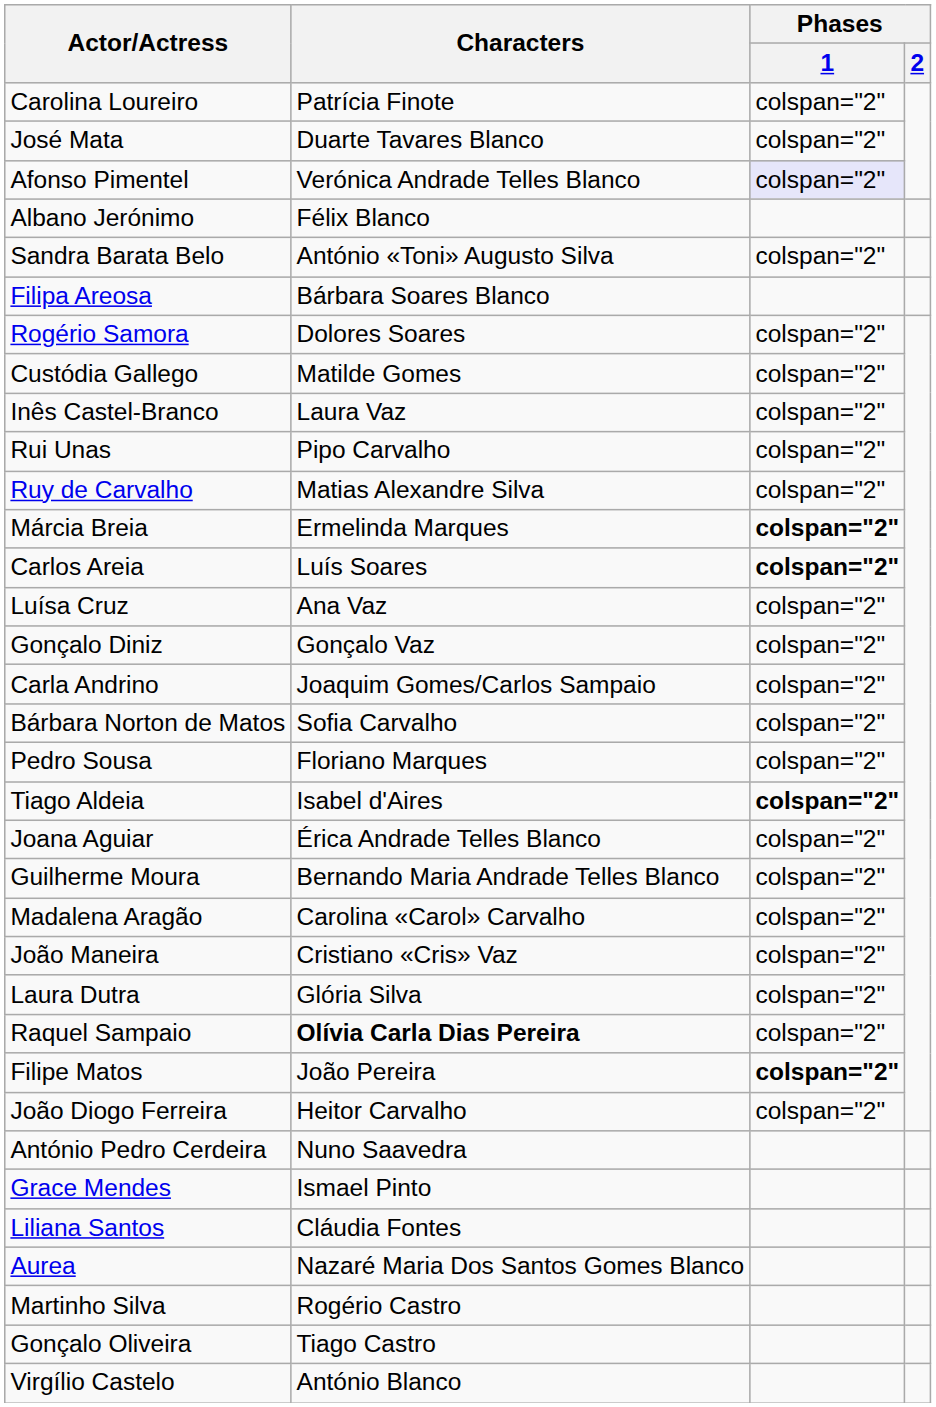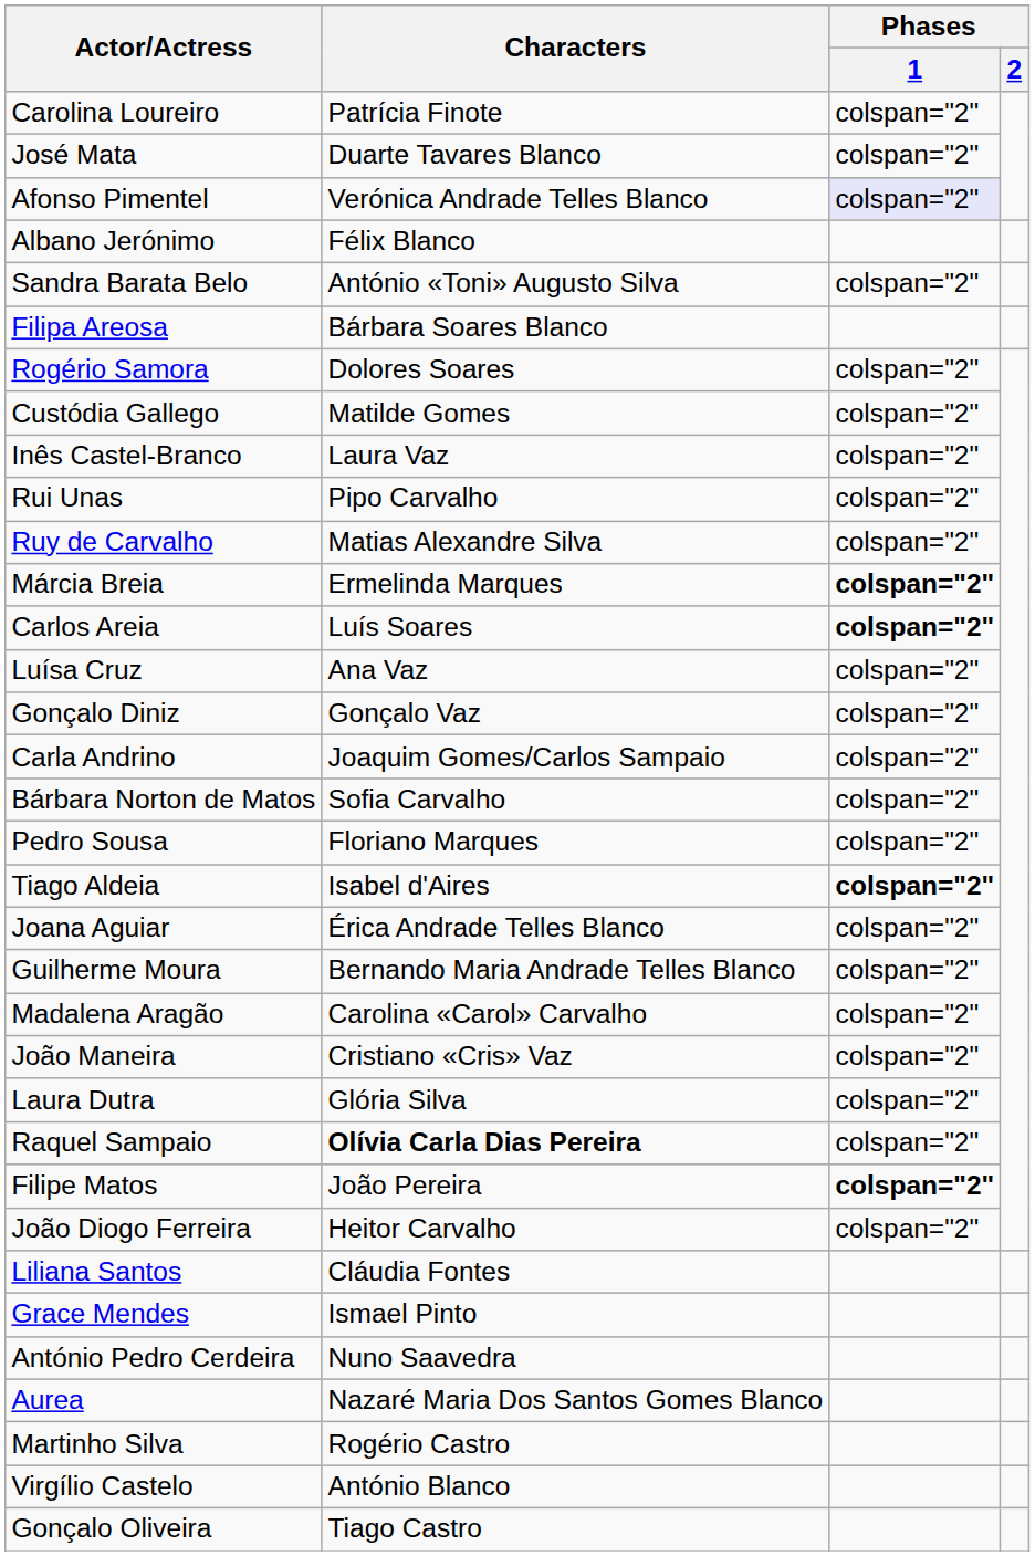 <table class="wikitable sortable">
 <tr>
 <th rowspan="2">Actor/Actress</th>
 <th rowspan="2">Characters</th>
 <th colspan="2">Phases</th>
 </tr>
 <tr>
 <th><a href='#'>1</a></th>
 <th><a href='#'>2</a></th>
 </tr>
 <tr>
 <td>Carolina Loureiro</td>
 <td>Patrícia Finote</td>
 <td>colspan="2" </td>
 </tr>
 <tr>
 <td>José Mata</td>
 <td>Duarte Tavares Blanco</td>
 <td>colspan="2" </td>
 </tr>
 <tr>
 <td>Afonso Pimentel</td>
 <td>Verónica Andrade Telles Blanco</td>
 <td style="background: lavender;">colspan="2" </td>
 </tr>
 <tr>
 <td>Albano Jerónimo</td>
 <td>Félix Blanco</td>
 <td></td>
 <td></td>
 </tr>
 <tr>
 <td>Sandra Barata Belo</td>
 <td>António «Toni» Augusto Silva</td>
 <td>colspan="2" </td>
 </tr>
 <tr>
 <td><a href='#'>Filipa Areosa</a></td>
 <td>Bárbara Soares Blanco</td>
 <td></td>
 <td></td>
 </tr>
 <tr>
 <td><a href='#'>Rogério Samora</a></td>
 <td>Dolores Soares</td>
 <td>colspan="2" </td>
 </tr>
 <tr>
 <td>Custódia Gallego</td>
 <td>Matilde Gomes</td>
 <td>colspan="2" </td>
 </tr>
 <tr>
 <td>Inês Castel-Branco</td>
 <td>Laura Vaz</td>
 <td>colspan="2" </td>
 </tr>
 <tr>
 <td>Rui Unas</td>
 <td>Pipo Carvalho</td>
 <td>colspan="2" </td>
 </tr>
 <tr>
 <td><a href='#'>Ruy de Carvalho</a></td>
 <td>Matias Alexandre Silva</td>
 <td>colspan="2" </td>
 </tr>
 <tr>
 <td>Márcia Breia</td>
 <td>Ermelinda Marques</td>
 <td><strong>colspan="2" </strong></td>
 </tr>
 <tr>
 <td>Carlos Areia</td>
 <td>Luís Soares</td>
 <td><strong>colspan="2" </strong></td>
 </tr>
 <tr>
 <td>Luísa Cruz</td>
 <td>Ana Vaz</td>
 <td>colspan="2" </td>
 </tr>
 <tr>
 <td>Gonçalo Diniz</td>
 <td>Gonçalo Vaz</td>
 <td>colspan="2" </td>
 </tr>
 <tr>
 <td>Carla Andrino</td>
 <td>Joaquim Gomes/Carlos Sampaio</td>
 <td>colspan="2" </td>
 </tr>
 <tr>
 <td>Bárbara Norton de Matos</td>
 <td>Sofia Carvalho</td>
 <td>colspan="2" </td>
 </tr>
 <tr>
 <td>Pedro Sousa</td>
 <td>Floriano Marques</td>
 <td>colspan="2" </td>
 </tr>
 <tr>
 <td>Tiago Aldeia</td>
 <td>Isabel d'Aires</td>
 <td><strong>colspan="2" </strong></td>
 </tr>
 <tr>
 <td>Joana Aguiar</td>
 <td>Érica Andrade Telles Blanco</td>
 <td>colspan="2" </td>
 </tr>
 <tr>
 <td>Guilherme Moura</td>
 <td>Bernando Maria Andrade Telles Blanco</td>
 <td>colspan="2" </td>
 </tr>
 <tr>
 <td>Madalena Aragão</td>
 <td>Carolina «Carol» Carvalho</td>
 <td>colspan="2" </td>
 </tr>
 <tr>
 <td>João Maneira</td>
 <td>Cristiano «Cris» Vaz</td>
 <td>colspan="2" </td>
 </tr>
 <tr>
 <td>Laura Dutra</td>
 <td>Glória Silva</td>
 <td>colspan="2" </td>
 </tr>
 <tr>
 <td>Raquel Sampaio</td>
 <td><strong>Olívia Carla Dias Pereira</strong></td>
 <td>colspan="2" </td>
 </tr>
 <tr>
 <td>Filipe Matos</td>
 <td>João Pereira</td>
 <td><strong>colspan="2" </strong></td>
 </tr>
 <tr>
 <td>João Diogo Ferreira</td>
 <td>Heitor Carvalho</td>
 <td>colspan="2" </td>
 </tr>
 <tr>
-<td>António Pedro Cerdeira</td>
-<td>Nuno Saavedra</td>
+<td><a href='#'>Liliana Santos</a></td>
+<td>Cláudia Fontes</td>
 <td></td>
 <td></td>
 </tr>
 <tr>
 <td><a href='#'>Grace Mendes</a></td>
 <td>Ismael Pinto</td>
 <td></td>
 <td></td>
 </tr>
 <tr>
-<td><a href='#'>Liliana Santos</a></td>
-<td>Cláudia Fontes</td>
+<td>António Pedro Cerdeira</td>
+<td>Nuno Saavedra</td>
 <td></td>
 <td></td>
 </tr>
 <tr>
 <td><a href='#'>Aurea</a></td>
 <td>Nazaré Maria Dos Santos Gomes Blanco</td>
 <td></td>
 <td></td>
 </tr>
 <tr>
 <td>Martinho Silva</td>
 <td>Rogério Castro</td>
 <td></td>
 <td></td>
 </tr>
 <tr>
+<td>Virgílio Castelo</td>
+<td>António Blanco</td>
+<td></td>
+<td></td>
+</tr>
+<tr>
 <td>Gonçalo Oliveira</td>
 <td>Tiago Castro</td>
 <td></td>
 <td></td>
 </tr>
-<tr>
-<td>Virgílio Castelo</td>
-<td>António Blanco</td>
-<td></td>
-<td></td>
-</tr>
 </table>
